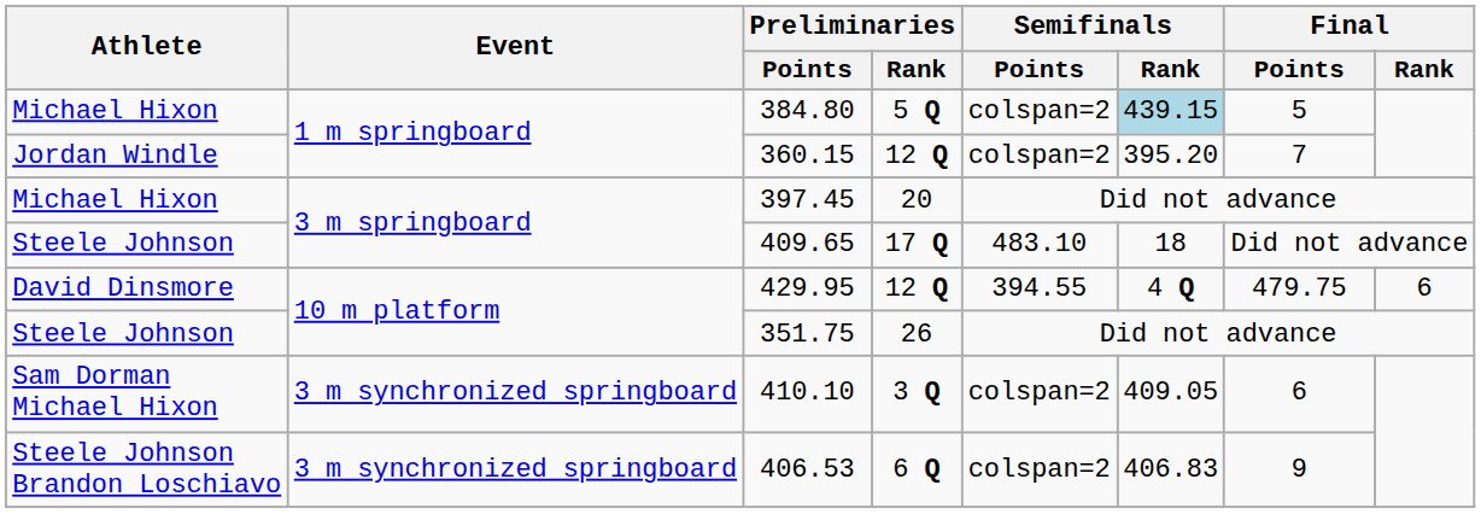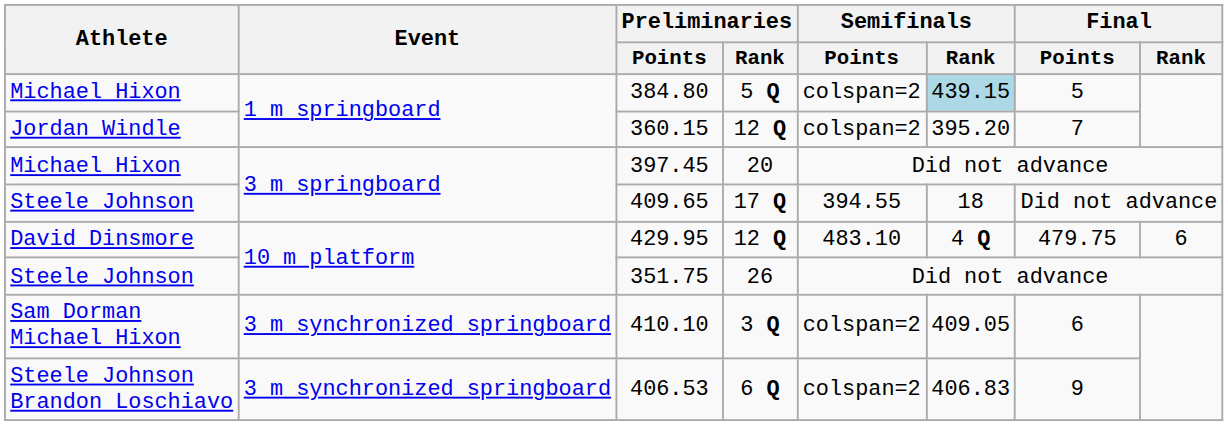 <table class=wikitable style="font-size:90%;">
 <tr>
 <th rowspan="2">Athlete</th>
 <th rowspan="2">Event</th>
 <th colspan="2">Preliminaries</th>
 <th colspan="2">Semifinals</th>
 <th colspan="2">Final</th>
 </tr>
 <tr style="font-size:95%">
 <th>Points</th>
 <th>Rank</th>
 <th>Points</th>
 <th>Rank</th>
 <th>Points</th>
 <th>Rank</th>
 </tr>
 <tr align=center>
 <td align=left><a href='#'>Michael Hixon</a></td>
 <td align=left rowspan=2><a href='#'>1 m springboard</a></td>
 <td>384.80</td>
 <td>5 <strong>Q</strong></td>
 <td>colspan=2 </td>
 <td style="background: lightblue;">439.15</td>
 <td>5</td>
 </tr>
 <tr align=center>
 <td align=left><a href='#'>Jordan Windle</a></td>
 <td>360.15</td>
 <td>12 <strong>Q</strong></td>
 <td>colspan=2 </td>
 <td>395.20</td>
 <td>7</td>
 </tr>
 <tr align=center>
 <td align=left><a href='#'>Michael Hixon</a></td>
 <td align=left rowspan=2><a href='#'>3 m springboard</a></td>
 <td>397.45</td>
 <td>20</td>
 <td colspan=4>Did not advance</td>
 </tr>
 <tr align=center>
 <td align=left><a href='#'>Steele Johnson</a></td>
 <td>409.65</td>
 <td>17 <strong>Q</strong></td>
-<td>483.10</td>
+<td>394.55</td>
 <td>18</td>
 <td colspan=2>Did not advance</td>
 </tr>
 <tr align=center>
 <td align=left><a href='#'>David Dinsmore</a></td>
 <td align=left rowspan=2><a href='#'>10 m platform</a></td>
 <td>429.95</td>
 <td>12 <strong>Q</strong></td>
-<td>394.55</td>
+<td>483.10</td>
 <td>4 <strong>Q</strong></td>
 <td>479.75</td>
 <td>6</td>
 </tr>
 <tr align=center>
 <td align=left><a href='#'>Steele Johnson</a></td>
 <td>351.75</td>
 <td>26</td>
 <td colspan=4>Did not advance</td>
 </tr>
 <tr align=center>
 <td align=left><a href='#'>Sam Dorman</a><br><a href='#'>Michael Hixon</a></td>
 <td align=left><a href='#'>3 m synchronized springboard</a></td>
 <td>410.10</td>
 <td>3 <strong>Q</strong></td>
 <td>colspan=2 </td>
 <td>409.05</td>
 <td>6</td>
 </tr>
 <tr align=center>
 <td align=left><a href='#'>Steele Johnson</a><br><a href='#'>Brandon Loschiavo</a></td>
 <td align=left><a href='#'>3 m synchronized springboard</a></td>
 <td>406.53</td>
 <td>6 <strong>Q</strong></td>
 <td>colspan=2 </td>
 <td>406.83</td>
 <td>9</td>
 </tr>
 </table>
